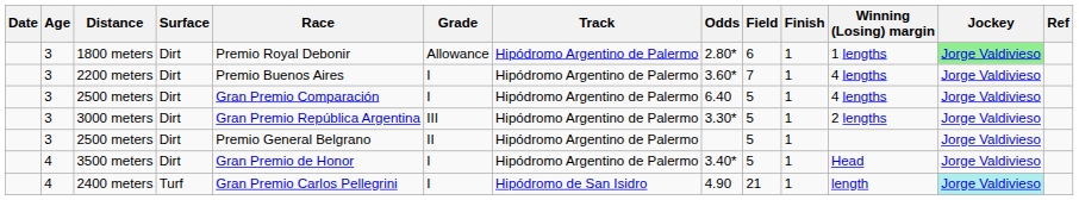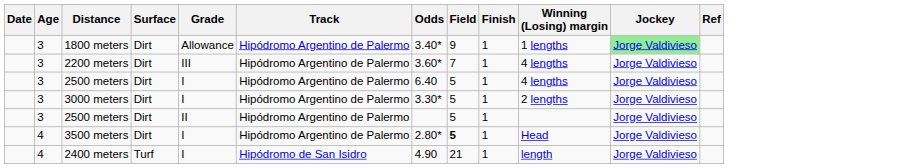 <table class="wikitable sortable">
 <tr>
 <th scope="col">Date</th>
 <th scope="col">Age</th>
 <th scope="col">Distance</th>
 <th>Surface</th>
-<th scope="col">Race</th>
 <th scope="col">Grade</th>
 <th scope="col">Track</th>
 <th scope="col">Odds</th>
 <th scope="col">Field</th>
 <th scope="col">Finish</th>
 <th scope="col">Winning<br>(Losing) margin</th>
 <th scope="col">Jockey</th>
 <th class="unsortable" scope="col">Ref</th>
 </tr>
 <tr>
 <td></td>
 <td>3</td>
 <td> 1800 meters</td>
 <td>Dirt</td>
-<td>Premio Royal Debonir</td>
 <td>Allowance</td>
 <td><a href='#'>Hipódromo Argentino de Palermo</a></td>
-<td>2.80*</td>
-<td>6</td>
+<td>3.40*</td>
+<td>9</td>
 <td>1</td>
 <td>1 <a href='#'>lengths</a></td>
 <td style="background: lightgreen;"><a href='#'>Jorge Valdivieso</a></td>
 <td></td>
 </tr>
 <tr>
 <td></td>
 <td>3</td>
 <td> 2200 meters</td>
 <td>Dirt</td>
-<td>Premio Buenos Aires</td>
-<td>I</td>
+<td>III</td>
 <td>Hipódromo Argentino de Palermo</td>
 <td>3.60*</td>
 <td>7</td>
 <td>1</td>
 <td>4 <a href='#'>lengths</a></td>
 <td><a href='#'>Jorge Valdivieso</a></td>
 <td></td>
 </tr>
 <tr>
 <td></td>
 <td>3</td>
 <td> 2500 meters</td>
 <td>Dirt</td>
-<td><a href='#'>Gran Premio Comparación</a></td>
 <td>I</td>
 <td>Hipódromo Argentino de Palermo</td>
 <td>6.40</td>
 <td>5</td>
 <td>1</td>
 <td>4 <a href='#'>lengths</a></td>
 <td><a href='#'>Jorge Valdivieso</a></td>
 <td></td>
 </tr>
 <tr>
 <td></td>
 <td>3</td>
 <td> 3000 meters</td>
 <td>Dirt</td>
-<td><a href='#'>Gran Premio República Argentina</a></td>
-<td>III</td>
+<td>I</td>
 <td>Hipódromo Argentino de Palermo</td>
 <td>3.30*</td>
 <td>5</td>
 <td>1</td>
 <td>2 <a href='#'>lengths</a></td>
 <td><a href='#'>Jorge Valdivieso</a></td>
 <td></td>
 </tr>
 <tr>
 <td></td>
 <td>3</td>
 <td> 2500 meters</td>
 <td>Dirt</td>
-<td>Premio General Belgrano</td>
 <td>II</td>
 <td>Hipódromo Argentino de Palermo</td>
 <td></td>
 <td>5</td>
 <td>1</td>
 <td></td>
 <td><a href='#'>Jorge Valdivieso</a></td>
 <td></td>
 </tr>
 <tr>
 <td></td>
 <td>4</td>
 <td> 3500 meters</td>
 <td>Dirt</td>
-<td><a href='#'>Gran Premio de Honor</a></td>
 <td>I</td>
 <td>Hipódromo Argentino de Palermo</td>
-<td>3.40*</td>
-<td>5</td>
+<td>2.80*</td>
+<td><strong>5</strong></td>
 <td>1</td>
 <td><a href='#'>Head</a></td>
 <td><a href='#'>Jorge Valdivieso</a></td>
 <td></td>
 </tr>
 <tr>
 <td></td>
 <td>4</td>
 <td> 2400 meters</td>
 <td>Turf</td>
-<td><a href='#'>Gran Premio Carlos Pellegrini</a></td>
 <td>I</td>
 <td><a href='#'>Hipódromo de San Isidro</a></td>
 <td>4.90</td>
 <td>21</td>
 <td>1</td>
 <td> <a href='#'>length</a></td>
-<td style="background: paleturquoise;"><a href='#'>Jorge Valdivieso</a></td>
+<td><a href='#'>Jorge Valdivieso</a></td>
 <td></td>
 </tr>
 </table>
